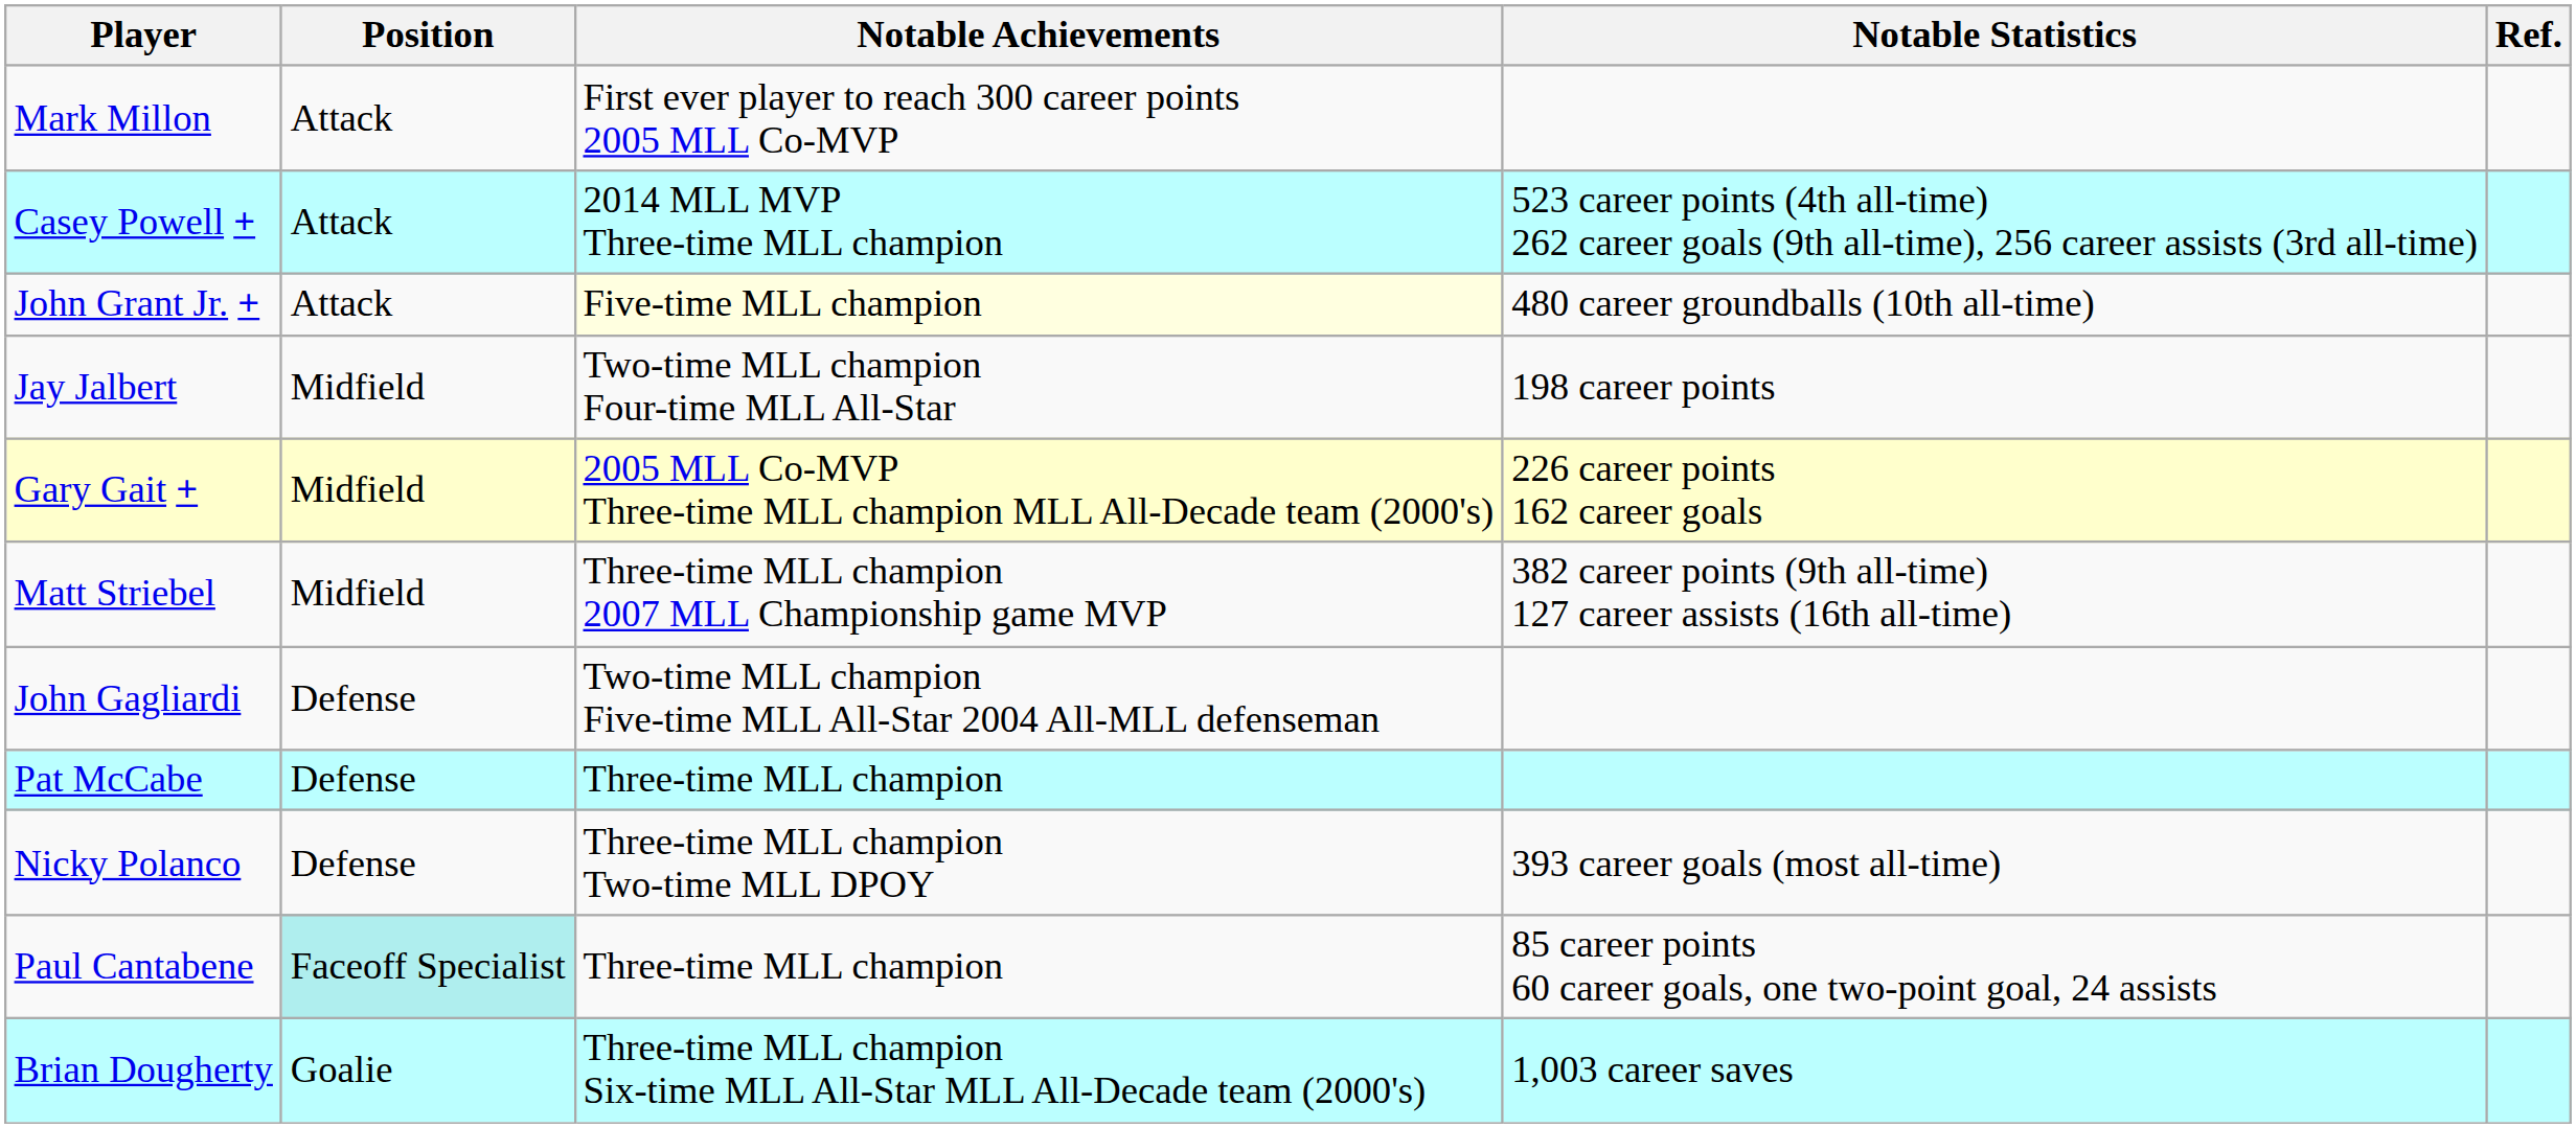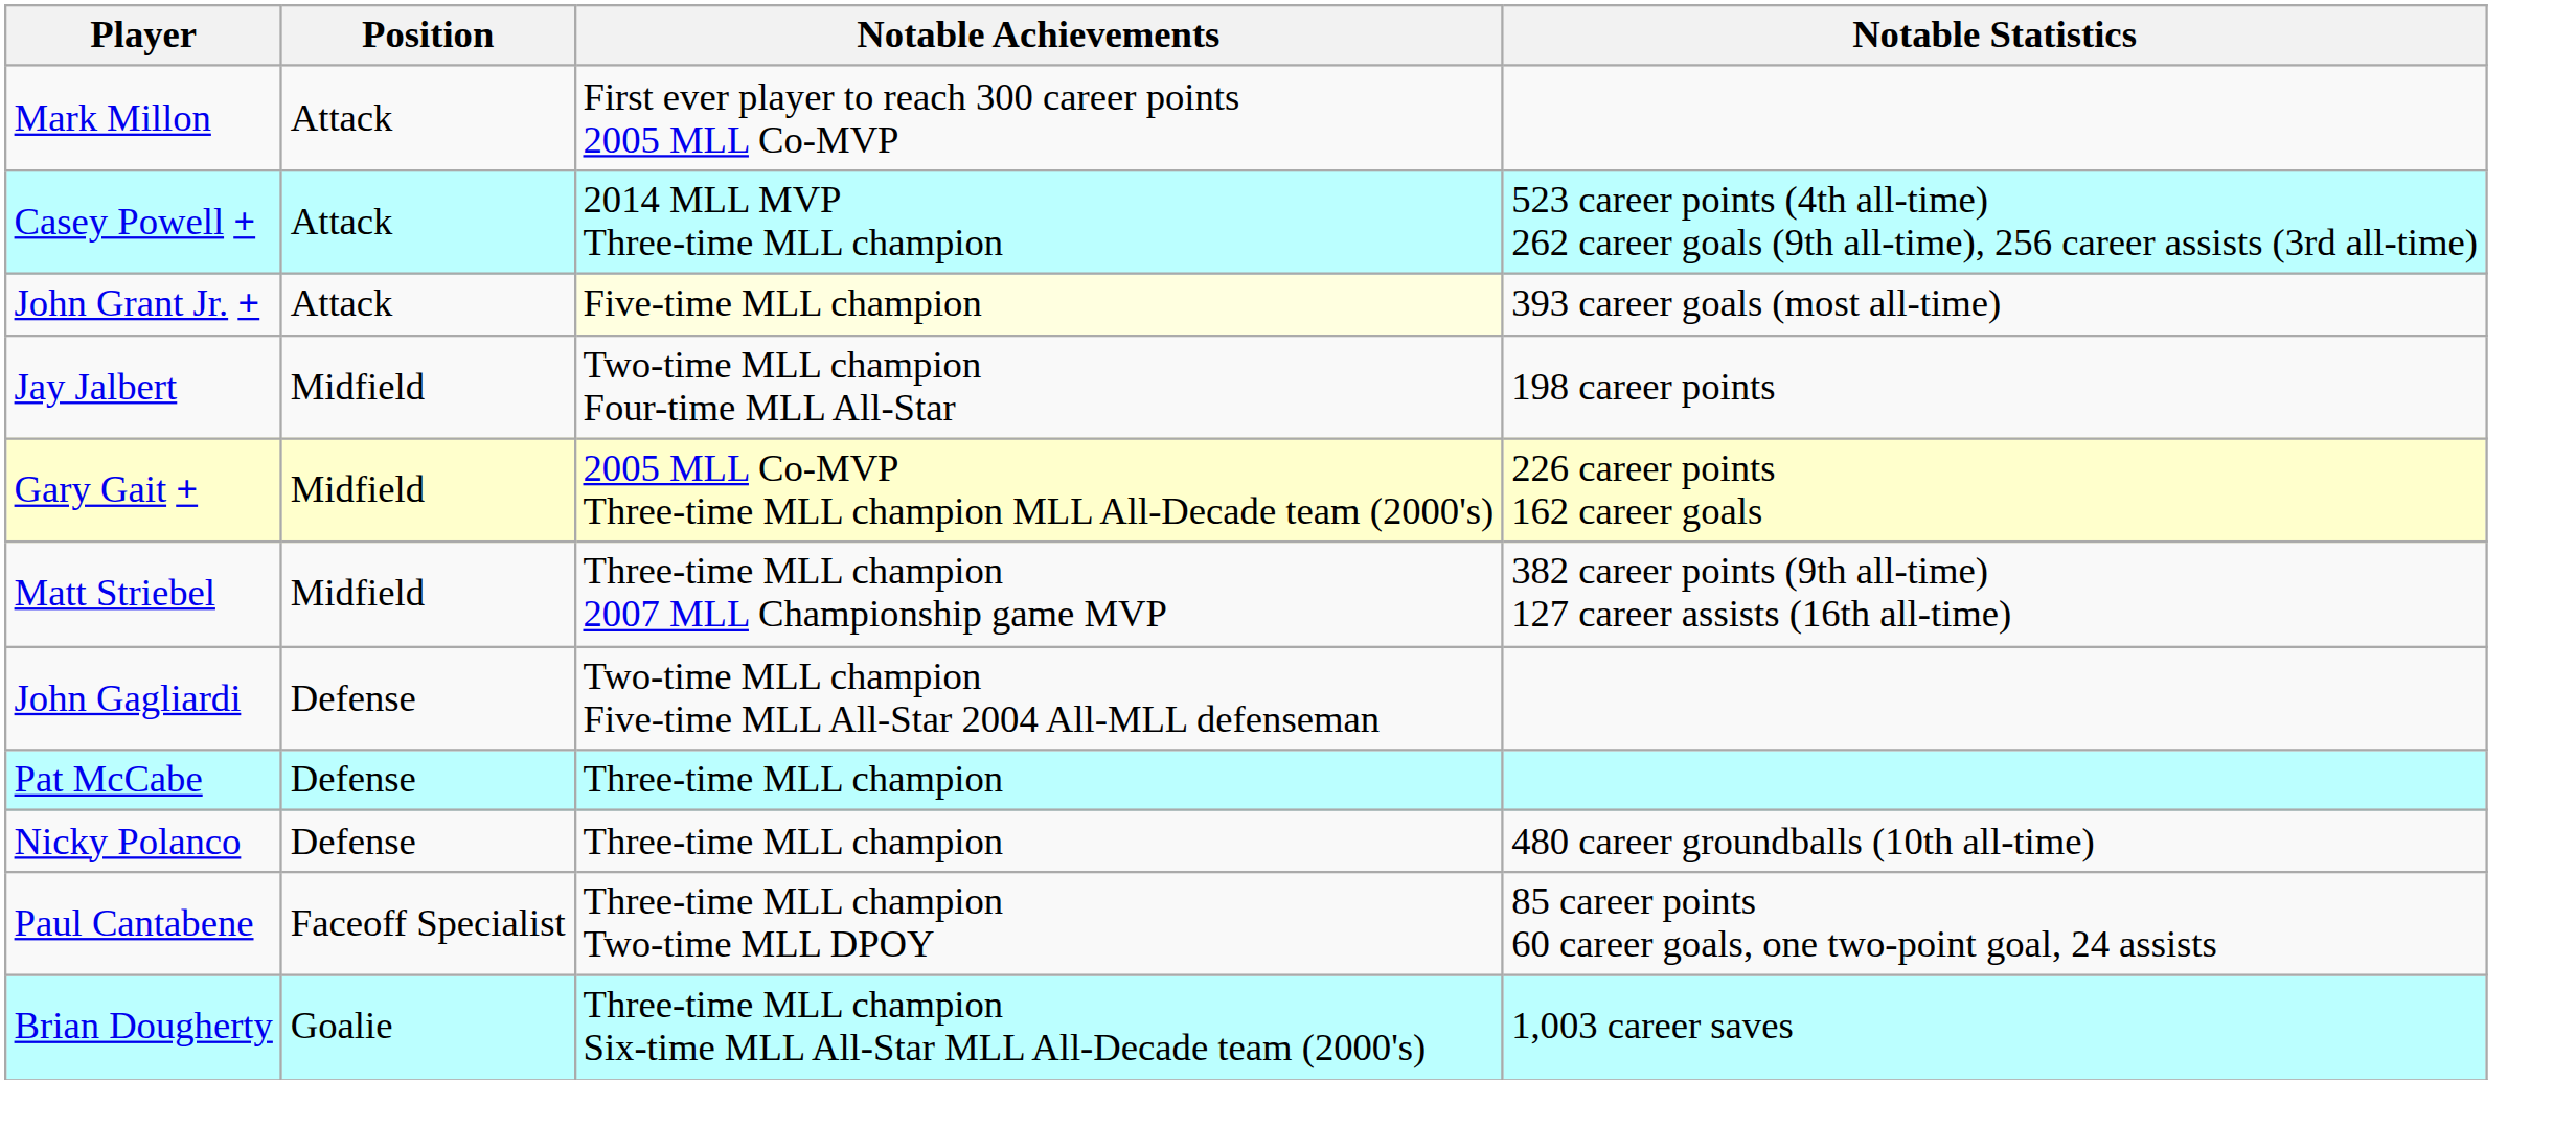 <table class="wikitable mw-collapsible">
 <tr>
 <th>Player</th>
 <th>Position</th>
 <th>Notable Achievements</th>
 <th>Notable Statistics</th>
-<th>Ref.</th>
 </tr>
 <tr style="background#bff">
 <td><a href='#'>Mark Millon</a></td>
 <td>Attack</td>
 <td>First ever player to reach 300 career points<br><a href='#'>2005 MLL</a> Co-MVP</td>
-<td></td>
 <td></td>
 </tr>
 <tr style="background:#bff">
 <td><a href='#'>Casey Powell</a> <strong><a href='#'>+</a></strong></td>
 <td>Attack</td>
 <td>2014 MLL MVP<br>Three-time MLL champion</td>
 <td>523 career points (4th all-time)<br>262 career goals (9th all-time), 256 career assists (3rd all-time)</td>
-<td></td>
 </tr>
 <tr>
 <td><a href='#'>John Grant Jr.</a> <strong><a href='#'>+</a></strong></td>
 <td>Attack</td>
 <td style="background: lightyellow;">Five-time MLL champion</td>
-<td>480 career groundballs (10th all-time)</td>
-<td></td>
+<td>393 career goals (most all-time)</td>
 </tr>
 <tr style=:"background:#bff">
 <td><a href='#'>Jay Jalbert</a></td>
 <td>Midfield</td>
 <td>Two-time MLL champion<br>Four-time MLL All-Star</td>
 <td>198 career points</td>
-<td></td>
 </tr>
 <tr style="background:#ffc">
 <td><a href='#'>Gary Gait</a> <strong><a href='#'>+</a></strong></td>
 <td>Midfield</td>
 <td><a href='#'>2005 MLL</a> Co-MVP<br>Three-time MLL champion MLL All-Decade team (2000's)</td>
 <td>226 career points<br>162 career goals</td>
-<td></td>
 </tr>
 <tr>
 <td><a href='#'>Matt Striebel</a></td>
 <td>Midfield</td>
 <td>Three-time MLL champion<br><a href='#'>2007 MLL</a> Championship game MVP</td>
 <td>382 career points (9th all-time)<br>127 career assists (16th all-time)</td>
-<td></td>
 </tr>
 <tr>
 <td><a href='#'>John Gagliardi</a></td>
 <td>Defense</td>
 <td>Two-time MLL champion<br>Five-time MLL All-Star 2004 All-MLL defenseman</td>
-<td></td>
 <td></td>
 </tr>
 <tr style="background:#bff">
 <td><a href='#'>Pat McCabe</a></td>
 <td>Defense</td>
 <td>Three-time MLL champion</td>
 <td></td>
-<td></td>
 </tr>
 <tr>
 <td><a href='#'>Nicky Polanco</a></td>
 <td>Defense</td>
-<td>Three-time MLL champion<br>Two-time MLL DPOY</td>
-<td>393 career goals (most all-time)</td>
-<td></td>
+<td>Three-time MLL champion</td>
+<td>480 career groundballs (10th all-time)</td>
 </tr>
 <tr>
 <td><a href='#'>Paul Cantabene</a></td>
-<td style="background: paleturquoise;">Faceoff Specialist</td>
-<td>Three-time MLL champion</td>
+<td>Faceoff Specialist</td>
+<td>Three-time MLL champion<br>Two-time MLL DPOY</td>
 <td>85 career points<br>60 career goals, one two-point goal, 24 assists</td>
-<td></td>
 </tr>
 <tr style="background:#bff">
 <td><a href='#'>Brian Dougherty</a></td>
 <td>Goalie</td>
 <td>Three-time MLL champion<br>Six-time MLL All-Star MLL All-Decade team (2000's)</td>
 <td>1,003 career saves</td>
-<td></td>
 </tr>
 </table>
